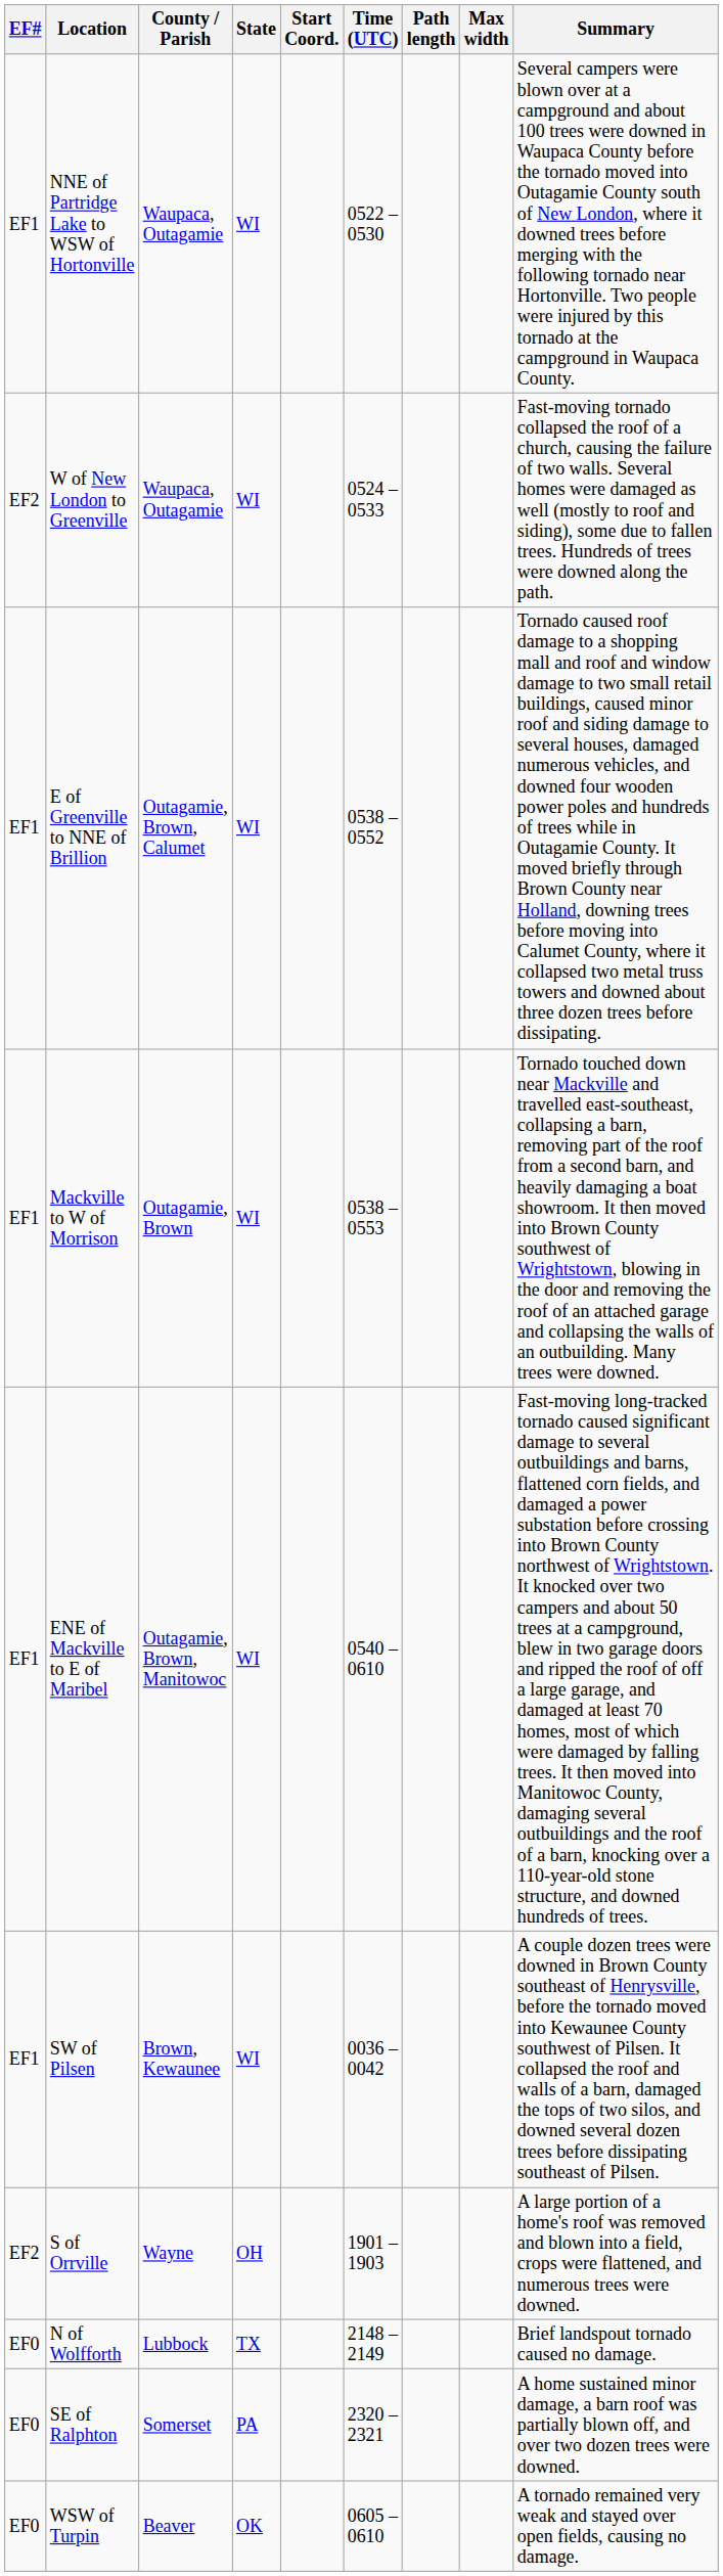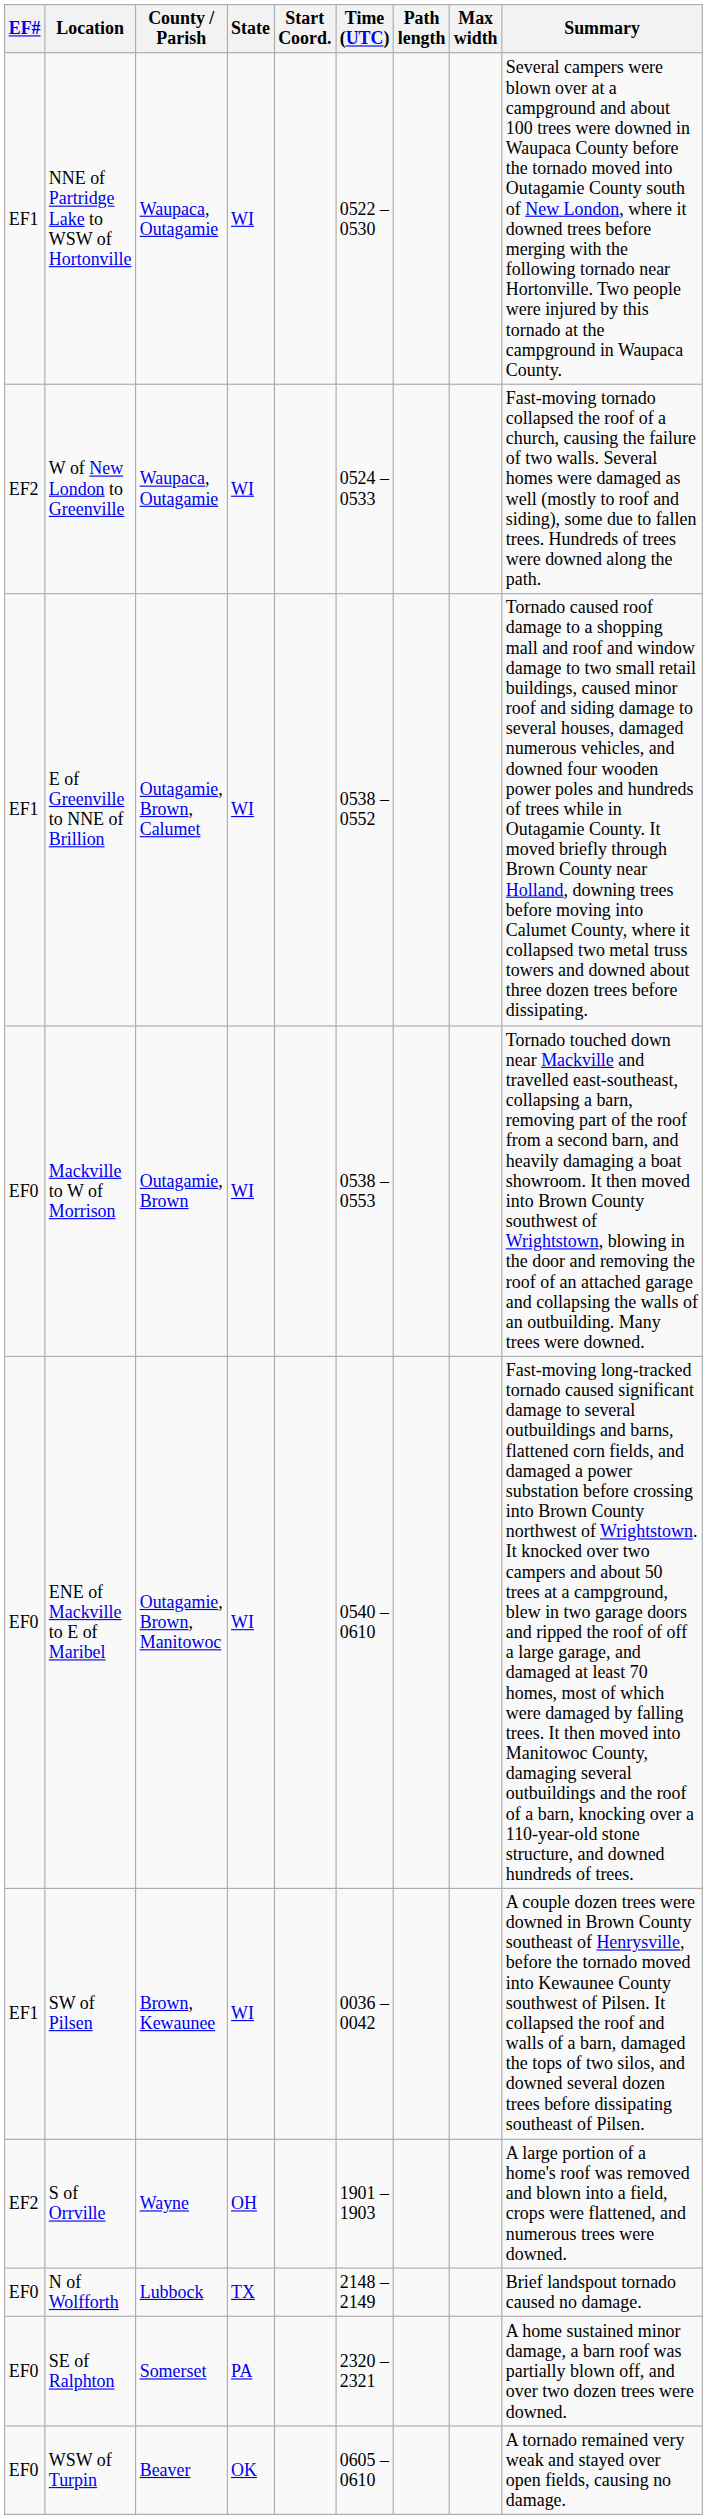 <table class="wikitable sortable" style="width:100%;">
 <tr>
 <th scope="col" width="3%" align="center"><a href='#'>EF#</a></th>
 <th scope="col" width="7%" align="center" class="unsortable">Location</th>
 <th scope="col" width="6%" align="center" class="unsortable">County / Parish</th>
 <th scope="col" width="5%" align="center">State</th>
 <th scope="col" width="6%" align="center">Start Coord.</th>
 <th scope="col" width="6%" align="center">Time (<a href='#'>UTC</a>)</th>
 <th scope="col" width="6%" align="center">Path length</th>
 <th scope="col" width="6%" align="center">Max width</th>
 <th scope="col" width="48%" class="unsortable" align="center">Summary</th>
 </tr>
 <tr>
 <td>EF1</td>
 <td>NNE of <a href='#'>Partridge Lake</a> to WSW of <a href='#'>Hortonville</a></td>
 <td><a href='#'>Waupaca</a>, <a href='#'>Outagamie</a></td>
 <td><a href='#'>WI</a></td>
 <td></td>
 <td>0522 – 0530</td>
 <td></td>
 <td></td>
 <td>Several campers were blown over at a campground and about 100 trees were downed in Waupaca County before the tornado moved into Outagamie County south of <a href='#'>New London</a>, where it downed trees before merging with the following tornado near Hortonville. Two people were injured by this tornado at the campground in Waupaca County.</td>
 </tr>
 <tr>
 <td>EF2</td>
 <td>W of <a href='#'>New London</a> to <a href='#'>Greenville</a></td>
 <td><a href='#'>Waupaca</a>, <a href='#'>Outagamie</a></td>
 <td><a href='#'>WI</a></td>
 <td></td>
 <td>0524 – 0533</td>
 <td></td>
 <td></td>
 <td>Fast-moving tornado collapsed the roof of a church, causing the failure of two walls. Several homes were damaged as well (mostly to roof and siding), some due to fallen trees. Hundreds of trees were downed along the path.</td>
 </tr>
 <tr>
 <td>EF1</td>
 <td>E of <a href='#'>Greenville</a> to NNE of <a href='#'>Brillion</a></td>
 <td><a href='#'>Outagamie</a>, <a href='#'>Brown</a>, <a href='#'>Calumet</a></td>
 <td><a href='#'>WI</a></td>
 <td></td>
 <td>0538 – 0552</td>
 <td></td>
 <td></td>
 <td>Tornado caused roof damage to a shopping mall and roof and window damage to two small retail buildings, caused minor roof and siding damage to several houses, damaged numerous vehicles, and downed four wooden power poles and hundreds of trees while in Outagamie County. It moved briefly through Brown County near <a href='#'>Holland</a>, downing trees before moving into Calumet County, where it collapsed two metal truss towers and downed about three dozen trees before dissipating.</td>
 </tr>
 <tr>
-<td>EF1</td>
+<td>EF0</td>
 <td><a href='#'>Mackville</a> to W of <a href='#'>Morrison</a></td>
 <td><a href='#'>Outagamie</a>, <a href='#'>Brown</a></td>
 <td><a href='#'>WI</a></td>
 <td></td>
 <td>0538 – 0553</td>
 <td></td>
 <td></td>
 <td>Tornado touched down near <a href='#'>Mackville</a> and travelled east-southeast, collapsing a barn, removing part of the roof from a second barn, and heavily damaging a boat showroom. It then moved into Brown County southwest of <a href='#'>Wrightstown</a>, blowing in the door and removing the roof of an attached garage and collapsing the walls of an outbuilding. Many trees were downed.</td>
 </tr>
 <tr>
-<td>EF1</td>
+<td>EF0</td>
 <td>ENE of <a href='#'>Mackville</a> to E of <a href='#'>Maribel</a></td>
 <td><a href='#'>Outagamie</a>, <a href='#'>Brown</a>, <a href='#'>Manitowoc</a></td>
 <td><a href='#'>WI</a></td>
 <td></td>
 <td>0540 – 0610</td>
 <td></td>
 <td></td>
 <td>Fast-moving long-tracked tornado caused significant damage to several outbuildings and barns, flattened corn fields, and damaged a power substation before crossing into Brown County northwest of <a href='#'>Wrightstown</a>. It knocked over two campers and about 50 trees at a campground, blew in two garage doors and ripped the roof of off a large garage, and damaged at least 70 homes, most of which were damaged by falling trees. It then moved into Manitowoc County, damaging several outbuildings and the roof of a barn, knocking over a 110-year-old stone structure, and downed hundreds of trees.</td>
 </tr>
 <tr>
 <td>EF1</td>
 <td>SW of <a href='#'>Pilsen</a></td>
 <td><a href='#'>Brown</a>, <a href='#'>Kewaunee</a></td>
 <td><a href='#'>WI</a></td>
 <td></td>
 <td>0036 – 0042</td>
 <td></td>
 <td></td>
 <td>A couple dozen trees were downed in Brown County southeast of <a href='#'>Henrysville</a>, before the tornado moved into Kewaunee County southwest of Pilsen. It collapsed the roof and walls of a barn, damaged the tops of two silos, and downed several dozen trees before dissipating southeast of Pilsen.</td>
 </tr>
 <tr>
 <td>EF2</td>
 <td>S of <a href='#'>Orrville</a></td>
 <td><a href='#'>Wayne</a></td>
 <td><a href='#'>OH</a></td>
 <td></td>
 <td>1901 – 1903</td>
 <td></td>
 <td></td>
 <td>A large portion of a home's roof was removed and blown into a field, crops were flattened, and numerous trees were downed.</td>
 </tr>
 <tr>
 <td>EF0</td>
 <td>N of <a href='#'>Wolfforth</a></td>
 <td><a href='#'>Lubbock</a></td>
 <td><a href='#'>TX</a></td>
 <td></td>
 <td>2148 – 2149</td>
 <td></td>
 <td></td>
 <td>Brief landspout tornado caused no damage.</td>
 </tr>
 <tr>
 <td>EF0</td>
 <td>SE of <a href='#'>Ralphton</a></td>
 <td><a href='#'>Somerset</a></td>
 <td><a href='#'>PA</a></td>
 <td></td>
 <td>2320 – 2321</td>
 <td></td>
 <td></td>
 <td>A home sustained minor damage, a barn roof was partially blown off, and over two dozen trees were downed.</td>
 </tr>
 <tr>
 <td>EF0</td>
 <td>WSW of <a href='#'>Turpin</a></td>
 <td><a href='#'>Beaver</a></td>
 <td><a href='#'>OK</a></td>
 <td></td>
 <td>0605 – 0610</td>
 <td></td>
 <td></td>
 <td>A tornado remained very weak and stayed over open fields, causing no damage.</td>
 </tr>
 <tr>
 </tr>
 </table>
